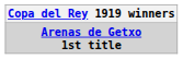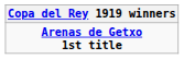 <table class="wikitable" style="text-align: center; margin: 0 auto;">
 <tr>
 <th><a href='#'>Copa del Rey</a> 1919 winners</th>
 </tr>
 <tr>
-<td style="background: lightgrey;"><strong><a href='#'>Arenas de Getxo</a></strong><br><strong>1st title</strong></td>
+<td><strong><a href='#'>Arenas de Getxo</a></strong><br><strong>1st title</strong></td>
 </tr>
 </table>
